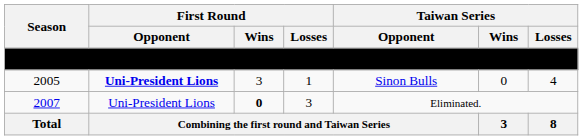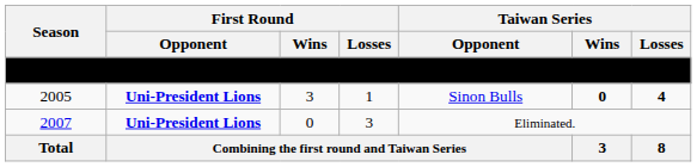 <table class=wikitable style="text-align:center; font-size:95%">
 <tr>
 <th rowspan = "2" width = "90">Season</th>
 <th colspan = "3">First Round</th>
 <th colspan = "3">Taiwan Series</th>
 </tr>
 <tr>
 <th width = "160">Opponent</th>
 <th width = "50">Wins</th>
 <th width = "50">Losses</th>
 <th width = "160">Opponent</th>
 <th width = "50">Wins</th>
 <th width = "50">Losses</th>
 </tr>
 <tr bgcolor = "000000">
 <td colspan = 7 align="center"><span><strong>Macoto Cobras</strong></span></td>
 </tr>
 <tr bgcolor = "">
 <td>2005</td>
 <td><strong><a href='#'>Uni-President Lions</a></strong></td>
 <td>3</td>
 <td>1</td>
 <td><a href='#'>Sinon Bulls</a></td>
-<td>0</td>
-<td>4</td>
+<td><strong>0</strong></td>
+<td><strong>4</strong></td>
 </tr>
 <tr bgcolor = "">
 <td><a href='#'>2007</a></td>
-<td><a href='#'>Uni-President Lions</a></td>
-<td><strong>0</strong></td>
+<td><strong><a href='#'>Uni-President Lions</a></strong></td>
+<td>0</td>
 <td>3</td>
 <td colspan = "3"><small>Eliminated.</small></td>
 </tr>
 <tr>
 <th>Total</th>
 <th colspan="4"><small>Combining the first round and Taiwan Series</small></th>
 <th>3</th>
 <th>8</th>
 </tr>
 </table>
